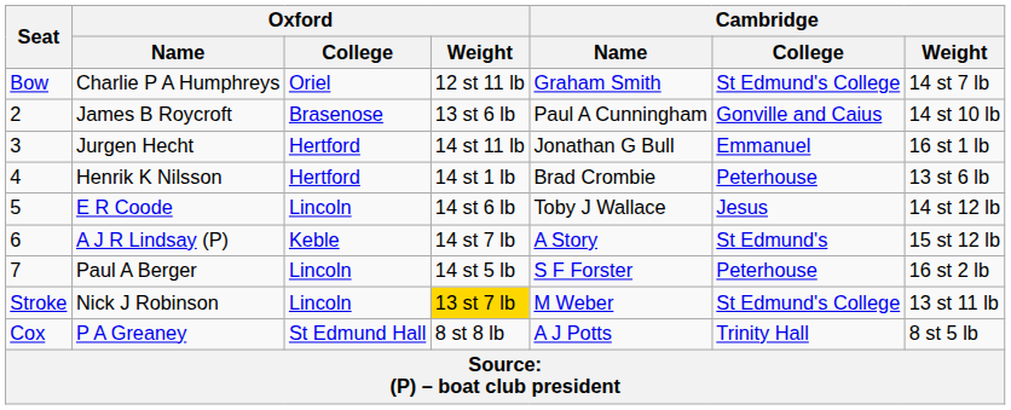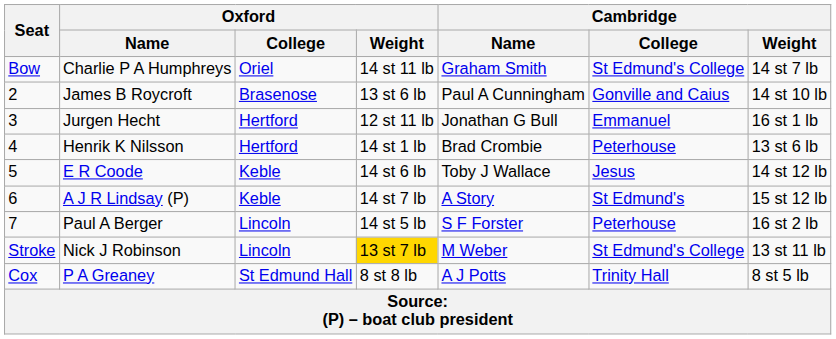 <table class="wikitable">
 <tr>
 <th rowspan="2" scope="col">Seat</th>
 <th colspan="3" scope="col">Oxford <br> </th>
 <th colspan="3" scope="col">Cambridge <br> </th>
 </tr>
 <tr>
 <th>Name</th>
 <th>College</th>
 <th>Weight</th>
 <th>Name</th>
 <th>College</th>
 <th>Weight</th>
 </tr>
 <tr>
 <td><a href='#'>Bow</a></td>
 <td>Charlie P A Humphreys</td>
 <td><a href='#'>Oriel</a></td>
-<td>12 st 11 lb</td>
+<td>14 st 11 lb</td>
 <td><a href='#'>Graham Smith</a></td>
 <td><a href='#'>St Edmund's College</a></td>
 <td>14 st 7 lb</td>
 </tr>
 <tr>
 <td>2</td>
 <td>James B Roycroft</td>
 <td><a href='#'>Brasenose</a></td>
 <td>13 st 6 lb</td>
 <td>Paul A Cunningham</td>
 <td><a href='#'>Gonville and Caius</a></td>
 <td>14 st 10 lb</td>
 </tr>
 <tr>
 <td>3</td>
 <td>Jurgen Hecht</td>
 <td><a href='#'>Hertford</a></td>
-<td>14 st 11 lb</td>
+<td>12 st 11 lb</td>
 <td>Jonathan G Bull</td>
 <td><a href='#'>Emmanuel</a></td>
 <td>16 st 1 lb</td>
 </tr>
 <tr>
 <td>4</td>
 <td>Henrik K Nilsson</td>
 <td><a href='#'>Hertford</a></td>
 <td>14 st 1 lb</td>
 <td>Brad Crombie</td>
 <td><a href='#'>Peterhouse</a></td>
 <td>13 st 6 lb</td>
 </tr>
 <tr>
 <td>5</td>
 <td><a href='#'>E R Coode</a></td>
-<td><a href='#'>Lincoln</a></td>
+<td><a href='#'>Keble</a></td>
 <td>14 st 6 lb</td>
 <td>Toby J Wallace</td>
 <td><a href='#'>Jesus</a></td>
 <td>14 st 12 lb</td>
 </tr>
 <tr>
 <td>6</td>
 <td><a href='#'>A J R Lindsay</a> (P)</td>
 <td><a href='#'>Keble</a></td>
 <td>14 st 7 lb</td>
 <td><a href='#'>A Story</a></td>
 <td><a href='#'>St Edmund's</a></td>
 <td>15 st 12 lb</td>
 </tr>
 <tr>
 <td>7</td>
 <td>Paul A Berger</td>
 <td><a href='#'>Lincoln</a></td>
 <td>14 st 5 lb</td>
 <td><a href='#'>S F Forster</a></td>
 <td><a href='#'>Peterhouse</a></td>
 <td>16 st 2 lb</td>
 </tr>
 <tr>
 <td><a href='#'>Stroke</a></td>
 <td>Nick J Robinson</td>
 <td><a href='#'>Lincoln</a></td>
 <td style="background: gold;">13 st 7 lb</td>
 <td><a href='#'>M Weber</a></td>
 <td><a href='#'>St Edmund's College</a></td>
 <td>13 st 11 lb</td>
 </tr>
 <tr>
 <td><a href='#'>Cox</a></td>
 <td><a href='#'>P A Greaney</a></td>
 <td><a href='#'>St Edmund Hall</a></td>
 <td>8 st 8 lb</td>
 <td><a href='#'>A J Potts</a></td>
 <td><a href='#'>Trinity Hall</a></td>
 <td>8 st 5 lb</td>
 </tr>
 <tr>
 <th colspan="7">Source:<br>(P) – boat club president</th>
 </tr>
 </table>
